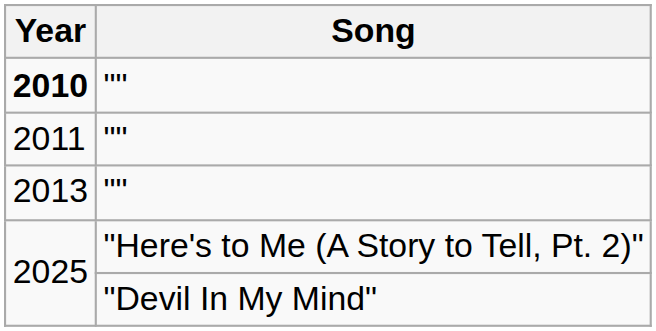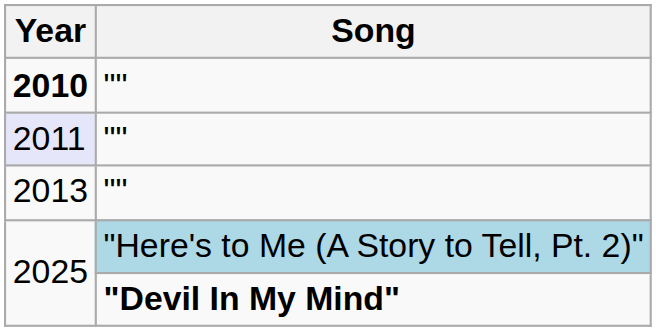 <table class="wikitable">
 <tr>
 <th>Year</th>
 <th>Song</th>
 </tr>
 <tr>
 <td><strong>2010</strong></td>
 <td>""</td>
 </tr>
 <tr>
-<td>2011</td>
+<td style="background: lavender;">2011</td>
 <td>""</td>
 </tr>
 <tr>
 <td>2013</td>
 <td>""</td>
 </tr>
 <tr>
 <td rowspan="2">2025</td>
-<td>"Here's to Me (A Story to Tell, Pt. 2)"</td>
+<td style="background: lightblue;">"Here's to Me (A Story to Tell, Pt. 2)"</td>
 </tr>
 <tr>
-<td>"Devil In My Mind"</td>
+<td><strong>"Devil In My Mind"</strong></td>
 </tr>
 </table>
